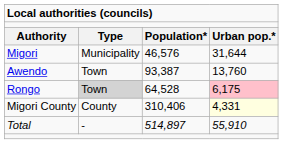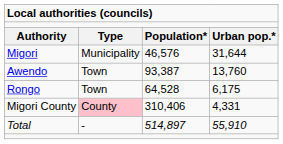 <table class="wikitable">
 <tr>
 <td colspan="4"><strong>Local authorities (councils)</strong></td>
 </tr>
 <tr>
 <td colspan="4"></td>
 </tr>
 <tr>
 <th>Authority</th>
 <th>Type</th>
 <th>Population*</th>
 <th>Urban pop.*</th>
 </tr>
 <tr>
 <td><a href='#'>Migori</a></td>
 <td>Municipality</td>
 <td>46,576</td>
 <td>31,644</td>
 </tr>
 <tr>
 <td><a href='#'>Awendo</a></td>
 <td>Town</td>
 <td>93,387</td>
 <td>13,760</td>
 </tr>
 <tr>
 <td><a href='#'>Rongo</a></td>
-<td style="background: lightgrey;">Town</td>
+<td>Town</td>
 <td>64,528</td>
-<td style="background: pink;">6,175</td>
+<td>6,175</td>
 </tr>
 <tr>
 <td>Migori County</td>
-<td>County</td>
+<td style="background: pink;">County</td>
 <td>310,406</td>
-<td style="background: lightyellow;">4,331</td>
+<td>4,331</td>
 </tr>
 <tr>
 <td><em>Total</em></td>
 <td>-</td>
 <td><em>514,897</em></td>
 <td><em>55,910</em></td>
 </tr>
 <tr>
 <td colspan="5"></td>
 </tr>
 </table>
